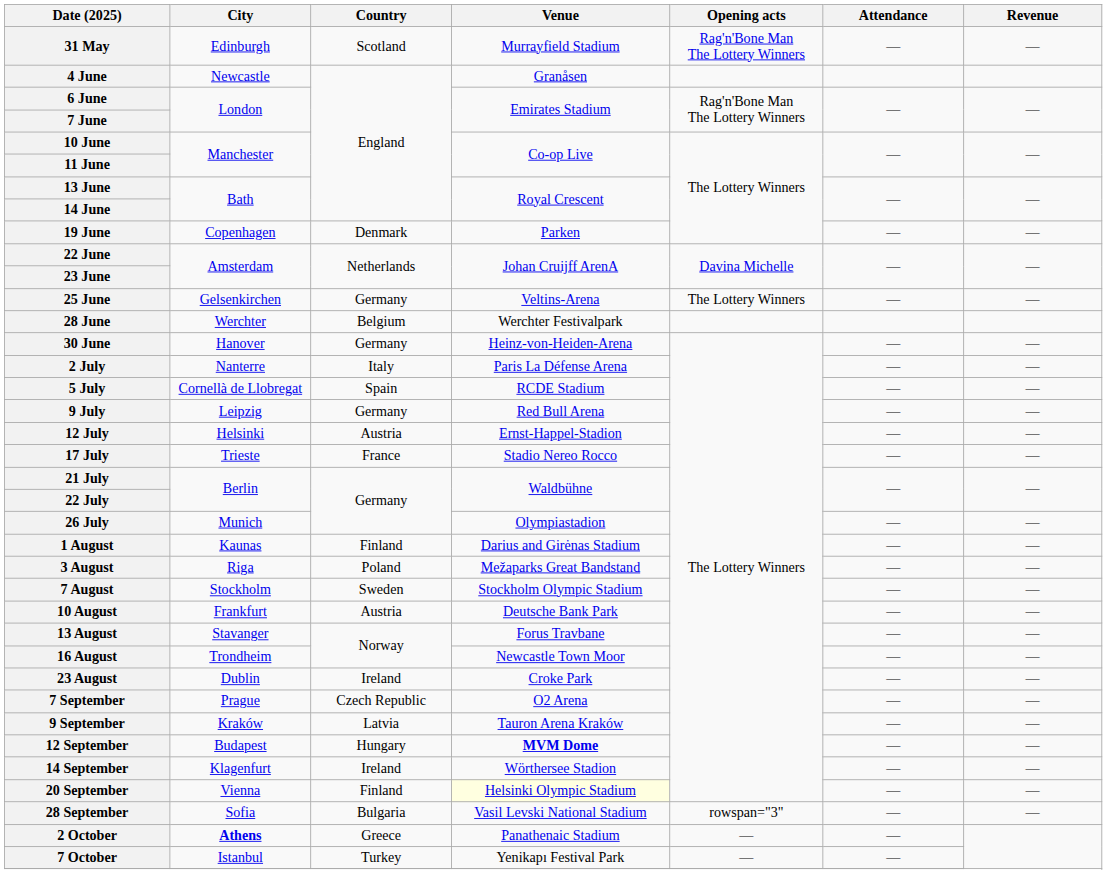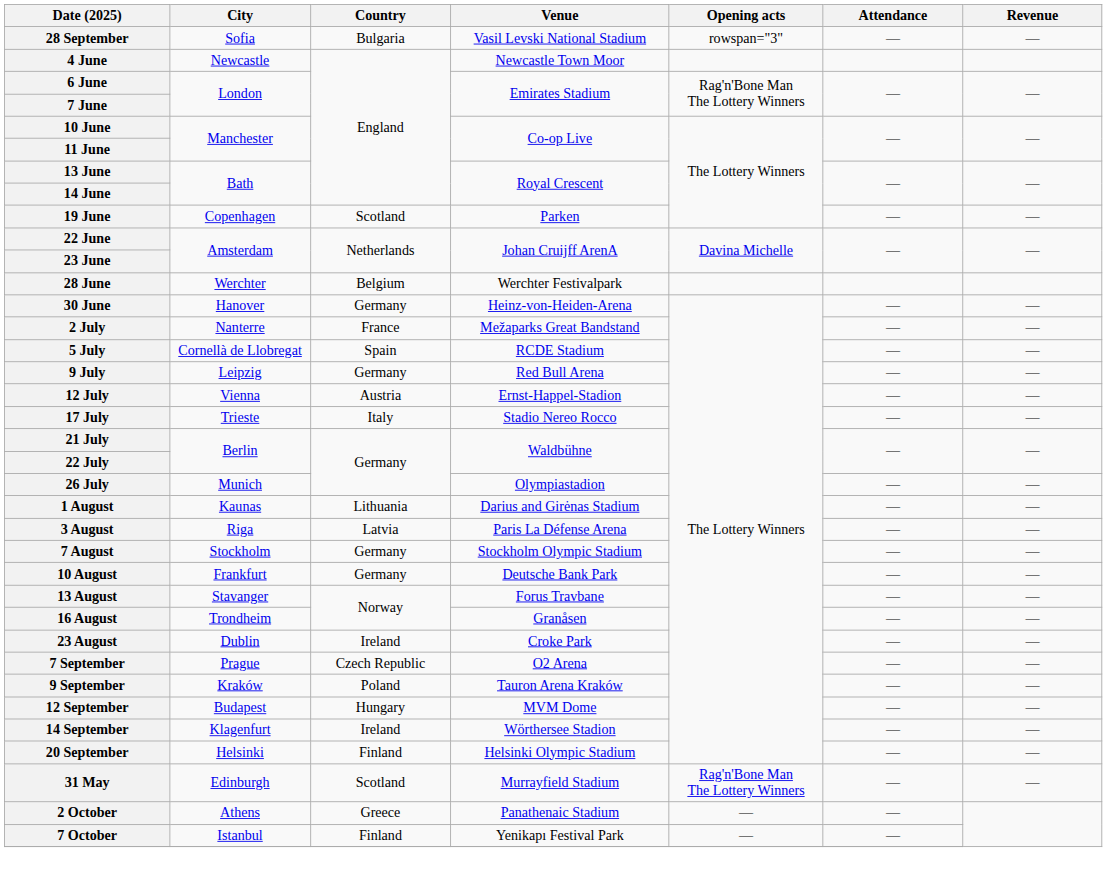 <table class="wikitable plainrowheaders" style="text-align:center;">
 <tr>
 <th scope="col" style="width:12em;">Date (2025)</th>
 <th scope="col" style="width:10em;">City</th>
 <th scope="col" style="width:10em;">Country</th>
 <th scope="col" style="width:16em;">Venue</th>
 <th scope="col" style="width:11em;">Opening acts</th>
 <th scope="col" style="width:10em;">Attendance</th>
 <th scope="col" style="width:10em;">Revenue</th>
 </tr>
 <tr>
-<th scope="row" style="text-align:center;">31 May</th>
-<td><a href='#'>Edinburgh</a></td>
-<td>Scotland</td>
-<td><a href='#'>Murrayfield Stadium</a></td>
-<td><a href='#'>Rag'n'Bone Man</a><br><a href='#'>The Lottery Winners</a></td>
+<th scope="row" style="text-align:center;">28 September</th>
+<td><a href='#'>Sofia</a></td>
+<td>Bulgaria</td>
+<td><a href='#'>Vasil Levski National Stadium</a></td>
+<td>rowspan="3" </td>
 <td>—</td>
 <td>—</td>
 </tr>
 <tr>
 <th scope="row" style="text-align:center;">4 June</th>
 <td><a href='#'>Newcastle</a></td>
 <td rowspan="7">England</td>
-<td><a href='#'>Granåsen</a></td>
+<td><a href='#'>Newcastle Town Moor</a></td>
 <td></td>
 <td></td>
 <td></td>
 </tr>
 <tr>
 <th scope="row" style="text-align:center;">6 June</th>
 <td rowspan="2"><a href='#'>London</a></td>
 <td rowspan="2"><a href='#'>Emirates Stadium</a></td>
 <td rowspan="2">Rag'n'Bone Man<br>The Lottery Winners</td>
 <td rowspan="2">—</td>
 <td rowspan="2">—</td>
 </tr>
 <tr>
 <th scope="row" style="text-align:center;">7 June</th>
 </tr>
 <tr>
 <th scope="row" style="text-align:center;">10 June</th>
 <td rowspan="2"><a href='#'>Manchester</a></td>
 <td rowspan="2"><a href='#'>Co-op Live</a></td>
 <td rowspan="5">The Lottery Winners</td>
 <td rowspan="2">—</td>
 <td rowspan="2">—</td>
 </tr>
 <tr>
 <th scope="row" style="text-align:center;">11 June</th>
 </tr>
 <tr>
 <th scope="row" style="text-align:center;">13 June</th>
 <td rowspan="2"><a href='#'>Bath</a></td>
 <td rowspan="2"><a href='#'>Royal Crescent</a></td>
 <td rowspan="2">—</td>
 <td rowspan="2">—</td>
 </tr>
 <tr>
 <th scope="row" style="text-align:center;">14 June</th>
 </tr>
 <tr>
 <th scope="row" style="text-align:center;">19 June</th>
 <td><a href='#'>Copenhagen</a></td>
-<td>Denmark</td>
+<td>Scotland</td>
 <td><a href='#'>Parken</a></td>
 <td>—</td>
 <td>—</td>
 </tr>
 <tr>
 <th scope="row" style="text-align:center;">22 June</th>
 <td rowspan="2"><a href='#'>Amsterdam</a></td>
 <td rowspan="2">Netherlands</td>
 <td rowspan="2"><a href='#'>Johan Cruijff ArenA</a></td>
 <td rowspan="2"><a href='#'>Davina Michelle</a></td>
 <td rowspan="2">—</td>
 <td rowspan="2">—</td>
 </tr>
 <tr>
 <th scope="row" style="text-align:center;">23 June</th>
-</tr>
-<tr>
-<th scope="row" style="text-align:center;">25 June</th>
-<td><a href='#'>Gelsenkirchen</a></td>
-<td>Germany</td>
-<td><a href='#'>Veltins-Arena</a></td>
-<td>The Lottery Winners</td>
-<td>—</td>
-<td>—</td>
 </tr>
 <tr>
 <th scope="row" style="text-align:center;">28 June</th>
 <td><a href='#'>Werchter</a></td>
 <td>Belgium</td>
 <td>Werchter Festivalpark</td>
 <td></td>
 <td></td>
 <td></td>
 </tr>
 <tr>
 <th scope="row" style="text-align:center;">30 June</th>
 <td><a href='#'>Hanover</a></td>
 <td>Germany</td>
 <td><a href='#'>Heinz-von-Heiden-Arena</a></td>
 <td rowspan="21">The Lottery Winners</td>
 <td>—</td>
 <td>—</td>
 </tr>
 <tr>
 <th scope="row" style="text-align:center;">2 July</th>
 <td><a href='#'>Nanterre</a></td>
-<td>Italy</td>
-<td><a href='#'>Paris La Défense Arena</a></td>
+<td>France</td>
+<td><a href='#'>Mežaparks Great Bandstand</a></td>
 <td>—</td>
 <td>—</td>
 </tr>
 <tr>
 <th scope="row" style="text-align:center;">5 July</th>
 <td><a href='#'>Cornellà de Llobregat</a></td>
 <td>Spain</td>
 <td><a href='#'>RCDE Stadium</a></td>
 <td>—</td>
 <td>—</td>
 </tr>
 <tr>
 <th scope="row" style="text-align:center;">9 July</th>
 <td><a href='#'>Leipzig</a></td>
 <td>Germany</td>
 <td><a href='#'>Red Bull Arena</a></td>
 <td>—</td>
 <td>—</td>
 </tr>
 <tr>
 <th scope="row" style="text-align:center;">12 July</th>
-<td><a href='#'>Helsinki</a></td>
+<td><a href='#'>Vienna</a></td>
 <td>Austria</td>
 <td><a href='#'>Ernst-Happel-Stadion</a></td>
 <td>—</td>
 <td>—</td>
 </tr>
 <tr>
 <th scope="row" style="text-align:center;">17 July</th>
 <td><a href='#'>Trieste</a></td>
-<td>France</td>
+<td>Italy</td>
 <td><a href='#'>Stadio Nereo Rocco</a></td>
 <td>—</td>
 <td>—</td>
 </tr>
 <tr>
 <th scope="row" style="text-align:center;">21 July</th>
 <td rowspan="2"><a href='#'>Berlin</a></td>
 <td rowspan="3">Germany</td>
 <td rowspan="2"><a href='#'>Waldbühne</a></td>
 <td rowspan="2">—</td>
 <td rowspan="2">—</td>
 </tr>
 <tr>
 <th scope="row" style="text-align:center;">22 July</th>
 </tr>
 <tr>
 <th scope="row" style="text-align:center;">26 July</th>
 <td><a href='#'>Munich</a></td>
 <td><a href='#'>Olympiastadion</a></td>
 <td>—</td>
 <td>—</td>
 </tr>
 <tr>
 <th scope="row" style="text-align:center;">1 August</th>
 <td><a href='#'>Kaunas</a></td>
-<td>Finland</td>
+<td>Lithuania</td>
 <td><a href='#'>Darius and Girėnas Stadium</a></td>
 <td>—</td>
 <td>—</td>
 </tr>
 <tr>
 <th scope="row" style="text-align:center;">3 August</th>
 <td><a href='#'>Riga</a></td>
-<td>Poland</td>
-<td><a href='#'>Mežaparks Great Bandstand</a></td>
+<td>Latvia</td>
+<td><a href='#'>Paris La Défense Arena</a></td>
 <td>—</td>
 <td>—</td>
 </tr>
 <tr>
 <th scope="row" style="text-align:center;">7 August</th>
 <td><a href='#'>Stockholm</a></td>
-<td>Sweden</td>
+<td>Germany</td>
 <td><a href='#'>Stockholm Olympic Stadium</a></td>
 <td>—</td>
 <td>—</td>
 </tr>
 <tr>
 <th scope="row" style="text-align:center;">10 August</th>
 <td><a href='#'>Frankfurt</a></td>
-<td>Austria</td>
+<td>Germany</td>
 <td><a href='#'>Deutsche Bank Park</a></td>
 <td>—</td>
 <td>—</td>
 </tr>
 <tr>
 <th scope="row" style="text-align:center;">13 August</th>
 <td><a href='#'>Stavanger</a></td>
 <td rowspan="2">Norway</td>
 <td><a href='#'>Forus Travbane</a></td>
 <td>—</td>
 <td>—</td>
 </tr>
 <tr>
 <th scope="row" style="text-align:center;">16 August</th>
 <td><a href='#'>Trondheim</a></td>
-<td><a href='#'>Newcastle Town Moor</a></td>
+<td><a href='#'>Granåsen</a></td>
 <td>—</td>
 <td>—</td>
 </tr>
 <tr>
 <th scope="row" style="text-align:center;">23 August</th>
 <td><a href='#'>Dublin</a></td>
 <td>Ireland</td>
 <td><a href='#'>Croke Park</a></td>
 <td>—</td>
 <td>—</td>
 </tr>
 <tr>
 <th scope="row" style="text-align:center;">7 September</th>
 <td><a href='#'>Prague</a></td>
 <td>Czech Republic</td>
 <td><a href='#'>O2 Arena</a></td>
 <td>—</td>
 <td>—</td>
 </tr>
 <tr>
 <th scope="row" style="text-align:center;">9 September</th>
 <td><a href='#'>Kraków</a></td>
-<td>Latvia</td>
+<td>Poland</td>
 <td><a href='#'>Tauron Arena Kraków</a></td>
 <td>—</td>
 <td>—</td>
 </tr>
 <tr>
 <th scope="row" style="text-align:center;">12 September</th>
 <td><a href='#'>Budapest</a></td>
 <td>Hungary</td>
-<td><strong><a href='#'>MVM Dome</a></strong></td>
+<td><a href='#'>MVM Dome</a></td>
 <td>—</td>
 <td>—</td>
 </tr>
 <tr>
 <th scope="row" style="text-align:center;">14 September</th>
 <td><a href='#'>Klagenfurt</a></td>
 <td>Ireland</td>
 <td><a href='#'>Wörthersee Stadion</a></td>
 <td>—</td>
 <td>—</td>
 </tr>
 <tr>
 <th scope="row" style="text-align:center;">20 September</th>
-<td><a href='#'>Vienna</a></td>
+<td><a href='#'>Helsinki</a></td>
 <td>Finland</td>
-<td style="background: lightyellow;"><a href='#'>Helsinki Olympic Stadium</a></td>
+<td><a href='#'>Helsinki Olympic Stadium</a></td>
 <td>—</td>
 <td>—</td>
 </tr>
 <tr>
-<th scope="row" style="text-align:center;">28 September</th>
-<td><a href='#'>Sofia</a></td>
-<td>Bulgaria</td>
-<td><a href='#'>Vasil Levski National Stadium</a></td>
-<td>rowspan="3" </td>
+<th scope="row" style="text-align:center;">31 May</th>
+<td><a href='#'>Edinburgh</a></td>
+<td>Scotland</td>
+<td><a href='#'>Murrayfield Stadium</a></td>
+<td><a href='#'>Rag'n'Bone Man</a><br><a href='#'>The Lottery Winners</a></td>
 <td>—</td>
 <td>—</td>
 </tr>
 <tr>
 <th scope="row" style="text-align:center;">2 October</th>
-<td><strong><a href='#'>Athens</a></strong></td>
+<td><a href='#'>Athens</a></td>
 <td>Greece</td>
 <td><a href='#'>Panathenaic Stadium</a></td>
 <td>—</td>
 <td>—</td>
 </tr>
 <tr>
 <th scope="row" style="text-align:center;">7 October</th>
 <td><a href='#'>Istanbul</a></td>
-<td>Turkey</td>
+<td>Finland</td>
 <td>Yenikapı Festival Park</td>
 <td>—</td>
 <td>—</td>
 </tr>
 <tr>
 </tr>
 </table>
